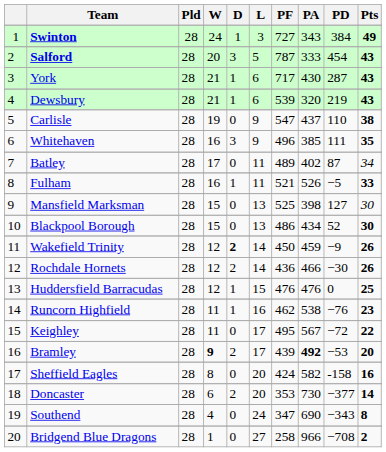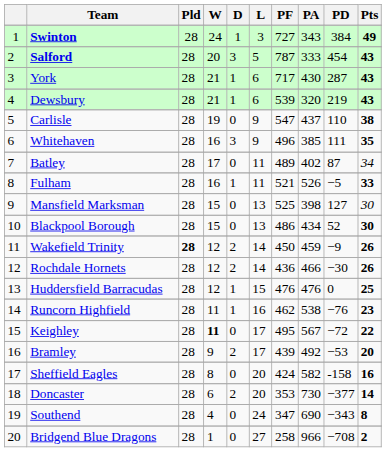 <table class="wikitable" style="text-align:center;">
 <tr>
 <th width=20 abbr="Position"></th>
 <th width=175>Team</th>
 <th width=20 abbr="Played">Pld</th>
 <th width=20 abbr="Won">W</th>
 <th width=20 abbr="Drawn">D</th>
 <th width=20 abbr="Lost">L</th>
 <th width=20 abbr="Points for">PF</th>
 <th width=20 abbr="Points against">PA</th>
 <th width=25 abbr="Points difference">PD</th>
 <th width=20 abbr="Points">Pts</th>
 </tr>
 <tr>
 </tr>
 <tr |- align=center style="background:#cfc;">
 <td>1</td>
 <td align=left style="background#cfc:"><strong><a href='#'>Swinton</a></strong></td>
 <td>28</td>
 <td>24</td>
 <td>1</td>
 <td>3</td>
 <td>727</td>
 <td>343</td>
 <td>384</td>
 <td><strong>49</strong></td>
 </tr>
 <tr --->
 </tr>
 <tr align=left style="background:#cfc;">
 <td>2</td>
 <td style="text-align:left;"><strong><a href='#'>Salford</a></strong></td>
 <td>28</td>
 <td>20</td>
 <td>3</td>
 <td>5</td>
 <td>787</td>
 <td>333</td>
 <td>454</td>
 <td><strong>43</strong></td>
 </tr>
 <tr --->
 </tr>
 <tr align=left style="background:#cfc;">
 <td>3</td>
 <td style="text-align:left;"><a href='#'>York</a></td>
 <td>28</td>
 <td>21</td>
 <td>1</td>
 <td>6</td>
 <td>717</td>
 <td>430</td>
 <td>287</td>
 <td><strong>43</strong></td>
 </tr>
 <tr --->
 </tr>
 <tr align=left style="background:#cfc;">
 <td>4</td>
 <td style="text-align:left;"><a href='#'>Dewsbury</a></td>
 <td>28</td>
 <td>21</td>
 <td>1</td>
 <td>6</td>
 <td>539</td>
 <td>320</td>
 <td>219</td>
 <td><strong>43</strong></td>
 </tr>
 <tr --->
 </tr>
 <tr align=left style="background:">
 <td>5</td>
 <td style="text-align:left;"><a href='#'>Carlisle</a></td>
 <td>28</td>
 <td>19</td>
 <td>0</td>
 <td>9</td>
 <td>547</td>
 <td>437</td>
 <td>110</td>
 <td><strong>38</strong></td>
 </tr>
 <tr --->
 </tr>
 <tr align=left style="background:">
 <td>6</td>
 <td style="text-align:left;"><a href='#'>Whitehaven</a></td>
 <td>28</td>
 <td>16</td>
 <td>3</td>
 <td>9</td>
 <td>496</td>
 <td>385</td>
 <td>111</td>
 <td><strong>35</strong></td>
 </tr>
 <tr --->
 </tr>
 <tr align=left style="background:">
 <td>7</td>
 <td style="text-align:left;"><a href='#'>Batley</a></td>
 <td>28</td>
 <td>17</td>
 <td>0</td>
 <td>11</td>
 <td>489</td>
 <td>402</td>
 <td>87</td>
 <td><em>34</em></td>
 </tr>
 <tr --->
 </tr>
 <tr align=left style="background:">
 <td>8</td>
 <td style="text-align:left;"><a href='#'>Fulham</a></td>
 <td>28</td>
 <td>16</td>
 <td>1</td>
 <td>11</td>
 <td>521</td>
 <td>526</td>
 <td>−5</td>
 <td><strong>33</strong></td>
 </tr>
 <tr --->
 </tr>
 <tr align=left style="background:">
 <td>9</td>
 <td style="text-align:left;"><a href='#'>Mansfield Marksman</a></td>
 <td>28</td>
 <td>15</td>
 <td>0</td>
 <td>13</td>
 <td>525</td>
 <td>398</td>
 <td>127</td>
 <td><em>30</em></td>
 </tr>
 <tr --->
 </tr>
 <tr align=left style="background:">
 <td>10</td>
 <td style="text-align:left;"><a href='#'>Blackpool Borough</a></td>
 <td>28</td>
 <td>15</td>
 <td>0</td>
 <td>13</td>
 <td>486</td>
 <td>434</td>
 <td>52</td>
 <td><strong>30</strong></td>
 </tr>
 <tr --->
 </tr>
 <tr align=left style="background:">
 <td>11</td>
 <td style="text-align:left;"><a href='#'>Wakefield Trinity</a></td>
-<td>28</td>
+<td><strong>28</strong></td>
 <td>12</td>
-<td><strong>2</strong></td>
+<td>2</td>
 <td>14</td>
 <td>450</td>
 <td>459</td>
 <td>−9</td>
 <td><strong>26</strong></td>
 </tr>
 <tr --->
 </tr>
 <tr align=left style="background:">
 <td>12</td>
 <td style="text-align:left;"><a href='#'>Rochdale Hornets</a></td>
 <td>28</td>
 <td>12</td>
 <td>2</td>
 <td>14</td>
 <td>436</td>
 <td>466</td>
 <td>−30</td>
 <td><strong>26</strong></td>
 </tr>
 <tr --->
 </tr>
 <tr align=left style="background:">
 <td>13</td>
 <td style="text-align:left;"><a href='#'>Huddersfield Barracudas</a></td>
 <td>28</td>
 <td>12</td>
 <td>1</td>
 <td>15</td>
 <td>476</td>
 <td>476</td>
 <td>0</td>
 <td><strong>25</strong></td>
 </tr>
 <tr --->
 </tr>
 <tr align=left style="background:">
 <td>14</td>
 <td style="text-align:left;"><a href='#'>Runcorn Highfield</a></td>
 <td>28</td>
 <td>11</td>
 <td>1</td>
 <td>16</td>
 <td>462</td>
 <td>538</td>
 <td>−76</td>
 <td><strong>23</strong></td>
 </tr>
 <tr --->
 </tr>
 <tr align=left style="background:">
 <td>15</td>
 <td style="text-align:left;"><a href='#'>Keighley</a></td>
 <td>28</td>
-<td>11</td>
+<td><strong>11</strong></td>
 <td>0</td>
 <td>17</td>
 <td>495</td>
 <td>567</td>
 <td>−72</td>
 <td><strong>22</strong></td>
 </tr>
 <tr --->
 </tr>
 <tr align=left style="background:">
 <td>16</td>
 <td style="text-align:left;"><a href='#'>Bramley</a></td>
 <td>28</td>
-<td><strong>9</strong></td>
+<td>9</td>
 <td>2</td>
 <td>17</td>
 <td>439</td>
-<td><strong>492</strong></td>
+<td>492</td>
 <td>−53</td>
 <td><strong>20</strong></td>
 </tr>
 <tr --->
 </tr>
 <tr align=left style="background:">
 <td>17</td>
 <td style="text-align:left;"><a href='#'>Sheffield Eagles</a></td>
 <td>28</td>
 <td>8</td>
 <td>0</td>
 <td>20</td>
 <td>424</td>
 <td>582</td>
 <td>-158</td>
 <td><strong>16</strong></td>
 </tr>
 <tr --->
 </tr>
 <tr align=left style="background:">
 <td>18</td>
 <td style="text-align:left;"><a href='#'>Doncaster</a></td>
 <td>28</td>
 <td>6</td>
 <td>2</td>
 <td>20</td>
 <td>353</td>
 <td>730</td>
 <td>−377</td>
 <td><strong>14</strong></td>
 </tr>
 <tr --->
 </tr>
 <tr align=left style="background:">
 <td>19</td>
 <td style="text-align:left;"><a href='#'>Southend</a></td>
 <td>28</td>
 <td>4</td>
 <td>0</td>
 <td>24</td>
 <td>347</td>
 <td>690</td>
 <td>−343</td>
 <td><strong>8</strong></td>
 </tr>
 <tr --->
 </tr>
 <tr align=left style="background:">
 <td>20</td>
 <td style="text-align:left;"><a href='#'>Bridgend Blue Dragons</a></td>
 <td>28</td>
 <td>1</td>
 <td>0</td>
 <td>27</td>
 <td>258</td>
 <td>966</td>
 <td>−708</td>
 <td><strong>2</strong></td>
 </tr>
 </table>
